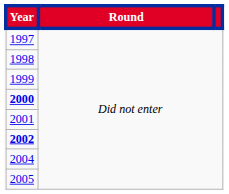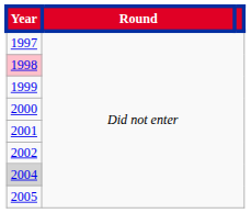 <table class="wikitable" style="text-align: center; font-size:90%">
 <tr style="color:white;">
 <th style="background:#e00025; border: 4px solid #032ea1;">Year</th>
 <th style="background:#e00025; border: 4px solid #032ea1; width:200px">Round</th>
 <th style="background:#e00025; border: 4px solid #032ea1;"></th>
 </tr>
 <tr>
 <td><a href='#'>1997</a></td>
 <td colspan="2" rowspan="8"><em>Did not enter</em></td>
 </tr>
 <tr>
-<td><a href='#'>1998</a></td>
+<td style="background: pink;"><a href='#'>1998</a></td>
 </tr>
 <tr>
 <td><a href='#'>1999</a></td>
 </tr>
 <tr>
-<td><strong><a href='#'>2000</a></strong></td>
+<td><a href='#'>2000</a></td>
 </tr>
 <tr>
 <td><a href='#'>2001</a></td>
 </tr>
 <tr>
-<td><strong><a href='#'>2002</a></strong></td>
+<td><a href='#'>2002</a></td>
 </tr>
 <tr>
-<td><a href='#'>2004</a></td>
+<td style="background: lightgrey;"><a href='#'>2004</a></td>
 </tr>
 <tr>
 <td><a href='#'>2005</a></td>
 </tr>
 </table>
